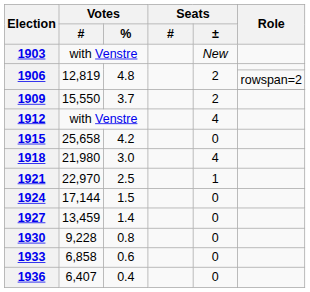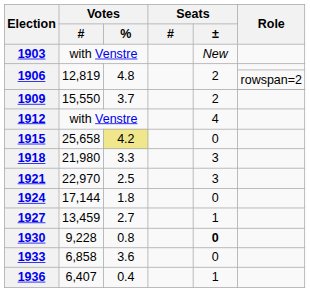 <table class=wikitable style="text-align:center">
 <tr>
 <th rowspan=2>Election</th>
 <th colspan=2>Votes</th>
 <th colspan=2>Seats</th>
 <th rowspan=2>Role</th>
 </tr>
 <tr>
 <th style="width:50px">#</th>
 <th style="width:50px">%</th>
 <th style="width:50px">#</th>
 <th style="width:50px">±</th>
 </tr>
 <tr>
 <th><a href='#'>1903</a></th>
 <td colspan=2>with <a href='#'>Venstre</a></td>
 <td stlye="text-align:center;"></td>
 <td><em>New</em></td>
 <td></td>
 </tr>
 <tr>
 <th rowspan=2><a href='#'>1906</a></th>
 <td rowspan=2>12,819</td>
 <td rowspan=2>4.8</td>
 <td rowspan=2 stlye="text-align:center;"></td>
 <td rowspan=2> 2</td>
 <td></td>
 </tr>
 <tr>
 <td>rowspan=2 </td>
 </tr>
 <tr>
 <th rowspan=2><a href='#'>1909</a></th>
 <td rowspan=2>15,550</td>
 <td rowspan=2>3.7</td>
 <td rowspan=2 stlye="text-align:center;"></td>
 <td rowspan=2> 2</td>
 </tr>
 <tr>
 <td></td>
 </tr>
 <tr>
 <th><a href='#'>1912</a></th>
 <td colspan=2>with <a href='#'>Venstre</a></td>
 <td stlye="text-align:center;"></td>
 <td> 4</td>
 <td></td>
 </tr>
 <tr>
 <th><a href='#'>1915</a></th>
 <td>25,658</td>
-<td>4.2</td>
+<td style="background: khaki;">4.2</td>
 <td stlye="text-align:center;"></td>
 <td> 0</td>
 <td></td>
 </tr>
 <tr>
 <th><a href='#'>1918</a></th>
 <td>21,980</td>
-<td>3.0</td>
+<td>3.3</td>
 <td stlye="text-align:center;"></td>
-<td> 4</td>
+<td> 3</td>
 <td></td>
 </tr>
 <tr>
 <th><a href='#'>1921</a></th>
 <td>22,970</td>
 <td>2.5</td>
 <td stlye="text-align:center;"></td>
-<td> 1</td>
+<td> 3</td>
 <td></td>
 </tr>
 <tr>
 <th><a href='#'>1924</a></th>
 <td>17,144</td>
-<td>1.5</td>
+<td>1.8</td>
 <td stlye="text-align:center;"></td>
 <td> 0</td>
 <td></td>
 </tr>
 <tr>
 <th><a href='#'>1927</a></th>
 <td>13,459</td>
-<td>1.4</td>
+<td>2.7</td>
 <td stlye="text-align:center;"></td>
-<td> 0</td>
+<td> 1</td>
 <td></td>
 </tr>
 <tr>
 <th><a href='#'>1930</a></th>
 <td>9,228</td>
 <td>0.8</td>
 <td stlye="text-align:center;"></td>
-<td> 0</td>
+<td><strong> 0</strong></td>
 <td></td>
 </tr>
 <tr>
 <th><a href='#'>1933</a></th>
 <td>6,858</td>
-<td>0.6</td>
+<td>3.6</td>
 <td stlye="text-align:center;"></td>
 <td> 0</td>
 <td></td>
 </tr>
 <tr>
 <th><a href='#'>1936</a></th>
 <td>6,407</td>
 <td>0.4</td>
 <td stlye="text-align:center;"></td>
-<td> 0</td>
+<td> 1</td>
 <td></td>
 </tr>
 </table>
